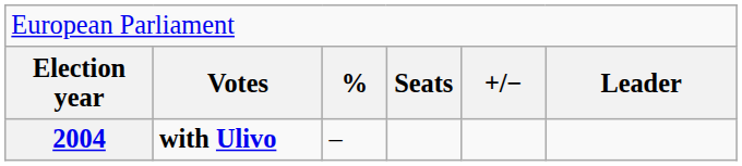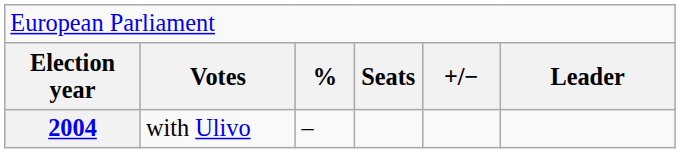 <table class=wikitable style="width:50%; border:1px #AAAAFF solid">
 <tr>
 <td colspan=6><a href='#'>European Parliament</a></td>
 </tr>
 <tr>
 <th width=13%>Election year</th>
 <th width=16%>Votes</th>
 <th width=6%>%</th>
 <th width=1%>Seats</th>
 <th width=8%>+/−</th>
 <th width=18%>Leader</th>
 </tr>
 <tr>
 <th><a href='#'>2004</a></th>
-<td><strong>with <a href='#'>Ulivo</a></strong></td>
+<td>with <a href='#'>Ulivo</a></td>
 <td>–</td>
 <td></td>
 <td></td>
 <td></td>
 </tr>
 </table>
